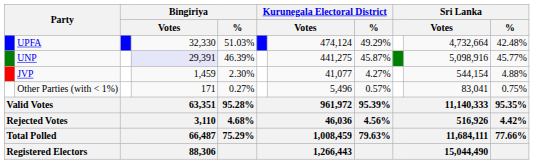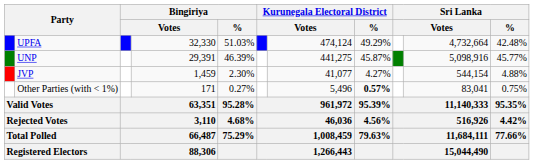 <table class="wikitable">
 <tr>
 <th colspan="2" width="144px"rowspan="2">Party</th>
 <th colspan="3" width="216px">Bingiriya</th>
 <th colspan="3" width="216px"><a href='#'>Kurunegala Electoral District</a></th>
 <th colspan="3" width="216px">Sri Lanka</th>
 </tr>
 <tr>
 <th colspan="2" width="144px">Votes</th>
 <th>%</th>
 <th colspan="2" width="144px">Votes</th>
 <th>%</th>
 <th colspan="2" width="144px">Votes</th>
 <th>%</th>
 </tr>
 <tr>
 <td style="background-color:blue;" width="10px"></td>
 <td style="text-align:left;"><a href='#'>UPFA</a></td>
 <td style="background-color:blue;" width="10px"></td>
 <td style="text-align:right;">32,330</td>
 <td style="text-align:right;">51.03%</td>
 <td style="background-color:blue;" width="10px"></td>
 <td style="text-align:right;">474,124</td>
 <td style="text-align:right;">49.29%</td>
 <td style="background-color:white;" width="10px"></td>
 <td style="text-align:right;">4,732,664</td>
 <td style="text-align:right;">42.48%</td>
 </tr>
 <tr>
 <td style="background-color:green;" width="10px"></td>
 <td style="text-align:left;"><a href='#'>UNP</a></td>
 <td style="background-color:white;" width="10px"></td>
-<td style="background: lavender; text-align:right;">29,391</td>
+<td style="text-align:right;">29,391</td>
 <td style="text-align:right;">46.39%</td>
 <td style="background-color:white;" width="10px"></td>
 <td style="text-align:right;">441,275</td>
 <td style="text-align:right;">45.87%</td>
 <td style="background-color:green;" width="10px"></td>
 <td style="text-align:right;">5,098,916</td>
 <td style="text-align:right;">45.77%</td>
 </tr>
 <tr>
 <td style="background-color:red;" width="10px"></td>
 <td style="text-align:left;"><a href='#'>JVP</a></td>
 <td style="background-color:white;" width="10px"></td>
 <td style="text-align:right;">1,459</td>
 <td style="text-align:right;">2.30%</td>
 <td style="background-color:white;" width="10px"></td>
 <td style="text-align:right;">41,077</td>
 <td style="text-align:right;">4.27%</td>
 <td style="background-color:white;" width="10px"></td>
 <td style="text-align:right;">544,154</td>
 <td style="text-align:right;">4.88%</td>
 </tr>
 <tr>
 <td style="background-color:white;" width="10px"></td>
 <td style="text-align:left;">Other Parties (with < 1%)</td>
 <td style="background-color:white;" width="10px"></td>
 <td style="text-align:right;">171</td>
 <td style="text-align:right;">0.27%</td>
 <td style="background-color:white;" width="10px"></td>
 <td style="text-align:right;">5,496</td>
-<td style="text-align:right;">0.57%</td>
+<td style="text-align:right;"><strong>0.57%</strong></td>
 <td style="background-color:white;" width="10px"></td>
 <td style="text-align:right;">83,041</td>
 <td style="text-align:right;">0.75%</td>
 </tr>
 <tr>
 <th colspan="2" width="144px"style="text-align:left;">Valid Votes</th>
 <th style="text-align:right;"colspan="2" width="144px">63,351</th>
 <th style="text-align:right;">95.28%</th>
 <th style="text-align:right;"colspan="2" width="144px">961,972</th>
 <th style="text-align:right;">95.39%</th>
 <th style="text-align:right;"colspan="2" width="144px">11,140,333</th>
 <th style="text-align:right;">95.35%</th>
 </tr>
 <tr>
 <th colspan="2" width="144px"style="text-align:left;">Rejected Votes</th>
 <th style="text-align:right;"colspan="2" width="144px">3,110</th>
 <th style="text-align:right;">4.68%</th>
 <th style="text-align:right;"colspan="2" width="144px">46,036</th>
 <th style="text-align:right;">4.56%</th>
 <th style="text-align:right;"colspan="2" width="144px">516,926</th>
 <th style="text-align:right;">4.42%</th>
 </tr>
 <tr>
 <th colspan="2" width="144px"style="text-align:left;">Total Polled</th>
 <th style="text-align:right;"colspan="2" width="144px">66,487</th>
 <th style="text-align:right;">75.29%</th>
 <th style="text-align:right;"colspan="2" width="144px">1,008,459</th>
 <th style="text-align:right;">79.63%</th>
 <th style="text-align:right;"colspan="2" width="144px">11,684,111</th>
 <th style="text-align:right;">77.66%</th>
 </tr>
 <tr>
 <th colspan="2" width="144px"style="text-align:left;">Registered Electors</th>
 <th style="text-align:right;"colspan="2" width="144px">88,306</th>
 <th></th>
 <th style="text-align:right;"colspan="2" width="144px">1,266,443</th>
 <th></th>
 <th style="text-align:right;"colspan="2" width="144px">15,044,490</th>
 <th></th>
 </tr>
 </table>
